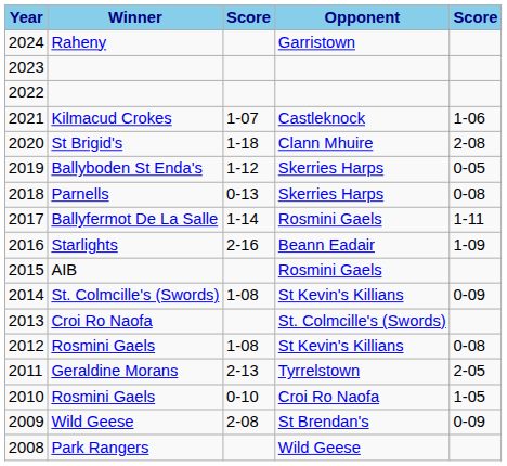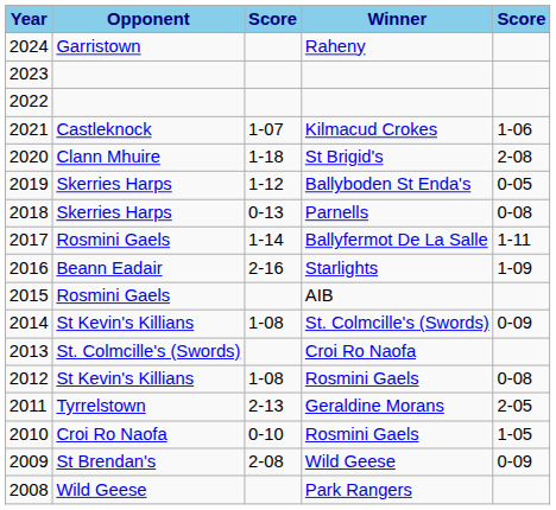 <table class="wikitable">
 <tr>
 <th style="background:skyblue;color:navy;">Year</th>
+<th style="background:skyblue;color:navy;">Opponent</th>
+<th style="background:skyblue;color:navy;">Score</th>
 <th style="background:skyblue;color:navy;">Winner</th>
-<th style="background:skyblue;color:navy;">Score</th>
-<th style="background:skyblue;color:navy;">Opponent</th>
 <th style="background:skyblue;color:navy;">Score</th>
 </tr>
 <tr>
 <td>2024</td>
+<td><a href='#'>Garristown</a></td>
+<td></td>
 <td><a href='#'>Raheny</a></td>
-<td></td>
-<td><a href='#'>Garristown</a></td>
 <td></td>
 </tr>
 <tr>
 <td>2023</td>
 <td></td>
 <td></td>
 <td></td>
 <td></td>
 </tr>
 <tr>
 <td>2022</td>
 <td></td>
 <td></td>
 <td></td>
 <td></td>
 </tr>
 <tr>
 <td>2021</td>
+<td><a href='#'>Castleknock</a></td>
+<td>1-07</td>
 <td><a href='#'>Kilmacud Crokes</a></td>
-<td>1-07</td>
-<td><a href='#'>Castleknock</a></td>
 <td>1-06</td>
 </tr>
 <tr>
 <td>2020</td>
+<td><a href='#'>Clann Mhuire</a></td>
+<td>1-18</td>
 <td><a href='#'>St Brigid's</a></td>
-<td>1-18</td>
-<td><a href='#'>Clann Mhuire</a></td>
 <td>2-08</td>
 </tr>
 <tr>
 <td>2019</td>
+<td><a href='#'>Skerries Harps</a></td>
+<td>1-12</td>
 <td><a href='#'>Ballyboden St Enda's</a></td>
-<td>1-12</td>
-<td><a href='#'>Skerries Harps</a></td>
 <td>0-05</td>
 </tr>
 <tr>
 <td>2018</td>
+<td><a href='#'>Skerries Harps</a></td>
+<td>0-13</td>
 <td><a href='#'>Parnells</a></td>
-<td>0-13</td>
-<td><a href='#'>Skerries Harps</a></td>
 <td>0-08</td>
 </tr>
 <tr>
 <td>2017</td>
+<td><a href='#'>Rosmini Gaels</a></td>
+<td>1-14</td>
 <td><a href='#'>Ballyfermot De La Salle</a></td>
-<td>1-14</td>
-<td><a href='#'>Rosmini Gaels</a></td>
 <td>1-11</td>
 </tr>
 <tr>
 <td>2016</td>
+<td><a href='#'>Beann Eadair</a></td>
+<td>2-16</td>
 <td><a href='#'>Starlights</a></td>
-<td>2-16</td>
-<td><a href='#'>Beann Eadair</a></td>
 <td>1-09</td>
 </tr>
 <tr>
 <td>2015</td>
+<td><a href='#'>Rosmini Gaels</a></td>
+<td></td>
 <td>AIB</td>
-<td></td>
-<td><a href='#'>Rosmini Gaels</a></td>
 <td></td>
 </tr>
 <tr>
 <td>2014</td>
+<td><a href='#'>St Kevin's Killians</a></td>
+<td>1-08</td>
 <td><a href='#'>St. Colmcille's (Swords)</a></td>
-<td>1-08</td>
-<td><a href='#'>St Kevin's Killians</a></td>
 <td>0-09</td>
 </tr>
 <tr>
 <td>2013</td>
+<td><a href='#'>St. Colmcille's (Swords)</a></td>
+<td></td>
 <td><a href='#'>Croi Ro Naofa</a></td>
-<td></td>
-<td><a href='#'>St. Colmcille's (Swords)</a></td>
 <td></td>
 </tr>
 <tr>
 <td>2012</td>
+<td><a href='#'>St Kevin's Killians</a></td>
+<td>1-08</td>
 <td><a href='#'>Rosmini Gaels</a></td>
-<td>1-08</td>
-<td><a href='#'>St Kevin's Killians</a></td>
 <td>0-08</td>
 </tr>
 <tr>
 <td>2011</td>
+<td><a href='#'>Tyrrelstown</a></td>
+<td>2-13</td>
 <td><a href='#'>Geraldine Morans</a></td>
-<td>2-13</td>
-<td><a href='#'>Tyrrelstown</a></td>
 <td>2-05</td>
 </tr>
 <tr>
 <td>2010</td>
+<td><a href='#'>Croi Ro Naofa</a></td>
+<td>0-10</td>
 <td><a href='#'>Rosmini Gaels</a></td>
-<td>0-10</td>
-<td><a href='#'>Croi Ro Naofa</a></td>
 <td>1-05</td>
 </tr>
 <tr>
 <td>2009</td>
+<td><a href='#'>St Brendan's</a></td>
+<td>2-08</td>
 <td><a href='#'>Wild Geese</a></td>
-<td>2-08</td>
-<td><a href='#'>St Brendan's</a></td>
 <td>0-09</td>
 </tr>
 <tr>
 <td>2008</td>
+<td><a href='#'>Wild Geese</a></td>
+<td></td>
 <td><a href='#'>Park Rangers</a></td>
-<td></td>
-<td><a href='#'>Wild Geese</a></td>
 <td></td>
 </tr>
 </table>
